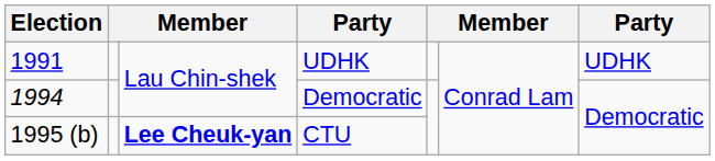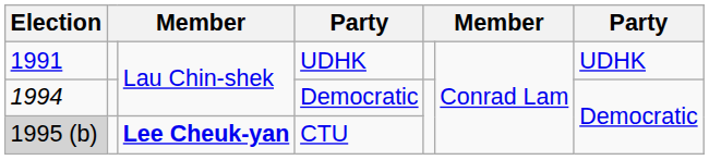 <table class="wikitable">
 <tr>
 <th>Election</th>
 <th colspan="2">Member</th>
 <th>Party</th>
 <th colspan="2">Member</th>
 <th>Party</th>
 </tr>
 <tr>
 <td><a href='#'>1991</a></td>
 <td bgcolor=></td>
 <td rowspan="2"><a href='#'>Lau Chin-shek</a></td>
 <td><a href='#'>UDHK</a></td>
 <td bgcolor=></td>
 <td rowspan="3"><a href='#'>Conrad Lam</a></td>
 <td><a href='#'>UDHK</a></td>
 </tr>
 <tr>
 <td><em>1994</em></td>
 <td bgcolor=></td>
 <td><a href='#'>Democratic</a></td>
 <td rowspan="2" bgcolor=></td>
 <td rowspan="2"><a href='#'>Democratic</a></td>
 </tr>
 <tr>
-<td>1995 (b)</td>
+<td style="background: lightgrey;">1995 (b)</td>
 <td bgcolor=></td>
 <td><strong><a href='#'>Lee Cheuk-yan</a></strong></td>
 <td><a href='#'>CTU</a></td>
 </tr>
 </table>
